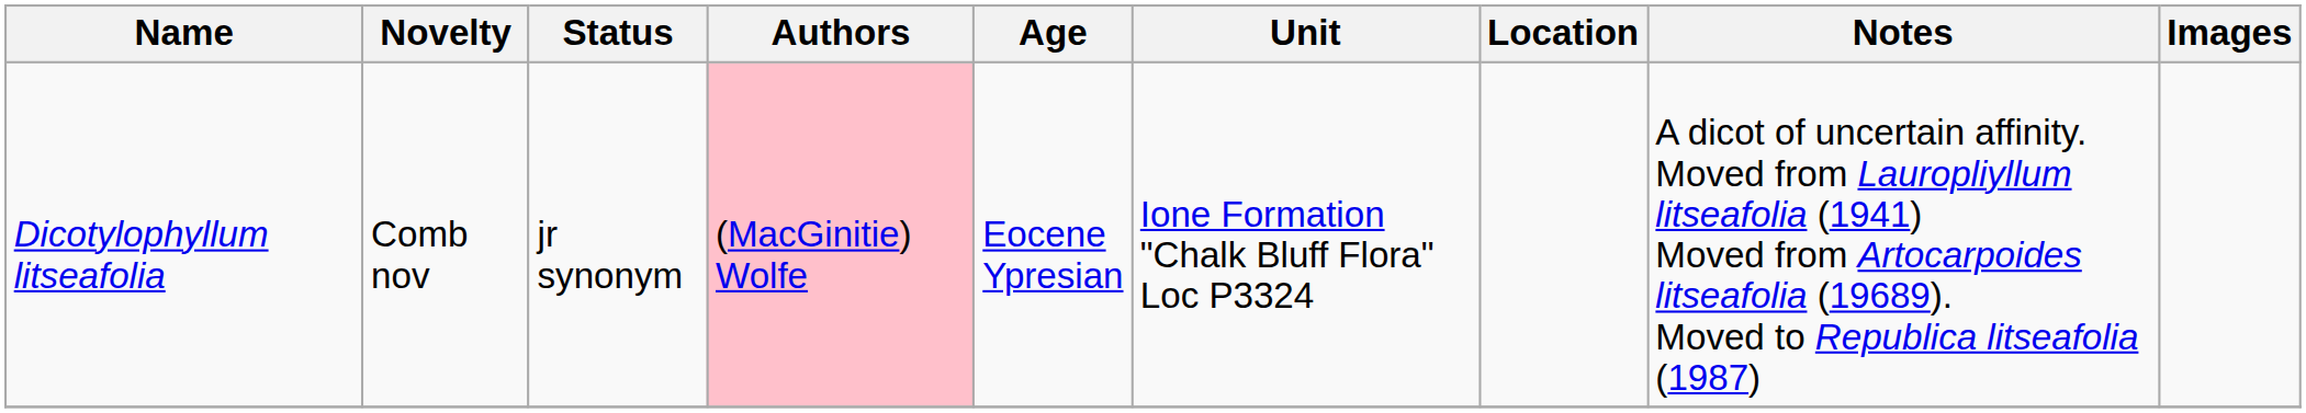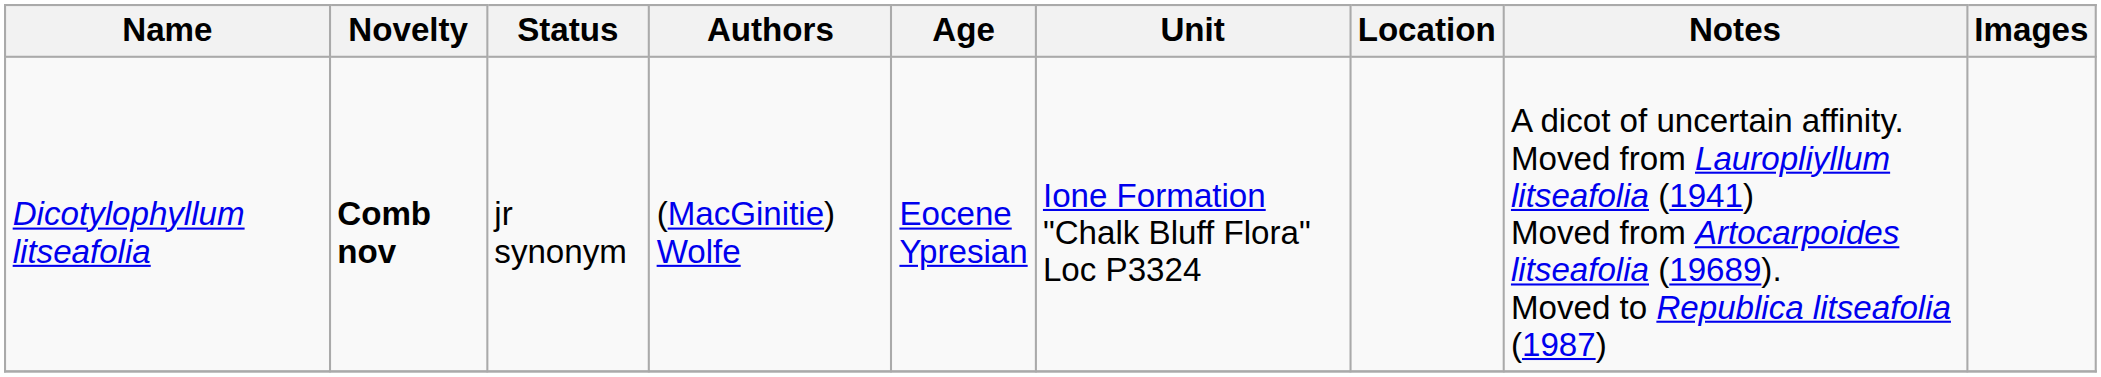 <table class="wikitable sortable" align="center" width="80%">
 <tr>
 <th>Name</th>
 <th>Novelty</th>
 <th>Status</th>
 <th>Authors</th>
 <th>Age</th>
 <th>Unit</th>
 <th>Location</th>
 <th>Notes</th>
 <th>Images</th>
 </tr>
 <tr>
 <td><br><em><a href='#'>Dicotylophyllum litseafolia</a></em></td>
-<td><br>Comb nov</td>
+<td><strong><br>Comb nov</strong></td>
 <td><br>jr synonym</td>
-<td style="background: pink;"><br>(<a href='#'>MacGinitie</a>) <a href='#'>Wolfe</a></td>
+<td><br>(<a href='#'>MacGinitie</a>) <a href='#'>Wolfe</a></td>
 <td><br><a href='#'>Eocene</a><br><a href='#'>Ypresian</a></td>
 <td><br><a href='#'>Ione Formation</a><br>"Chalk Bluff Flora" Loc P3324</td>
 <td><br><br></td>
 <td><br>A dicot of uncertain affinity.<br> Moved from <em><a href='#'>Lauropliyllum litseafolia</a></em> (<a href='#'>1941</a>)<br> Moved from <em><a href='#'>Artocarpoides litseafolia</a></em> (<a href='#'>19689</a>).<br> Moved to <em><a href='#'>Republica litseafolia</a></em> (<a href='#'>1987</a>)</td>
 <td><br></td>
 </tr>
 <tr>
 </tr>
 </table>
